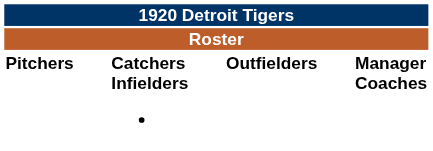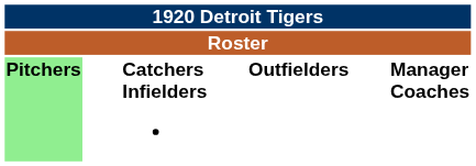 <table class="toccolours" style="font-size: 95%;">
 <tr>
 <th colspan="10" style="background-color: #003366; color: white; text-align: center;">1920 Detroit Tigers</th>
 </tr>
 <tr>
 <td colspan="10" style="background-color: #bd5d29; color: white; text-align: center;"><strong>Roster</strong></td>
 </tr>
 <tr>
-<td valign="top"><strong>Pitchers</strong><br>                    </td>
+<td valign="top" style="background: lightgreen;"><strong>Pitchers</strong><br>                    </td>
 <td width="25px"></td>
 <td valign="top"><strong>Catchers</strong><br>    <strong>Infielders</strong>        <ul><li></li></ul></td>
 <td width="25px"></td>
 <td valign="top"><strong>Outfielders</strong><br>   </td>
 <td width="25px"></td>
 <td valign="top"><strong>Manager</strong><br> <strong>Coaches</strong> </td>
 </tr>
 </table>
